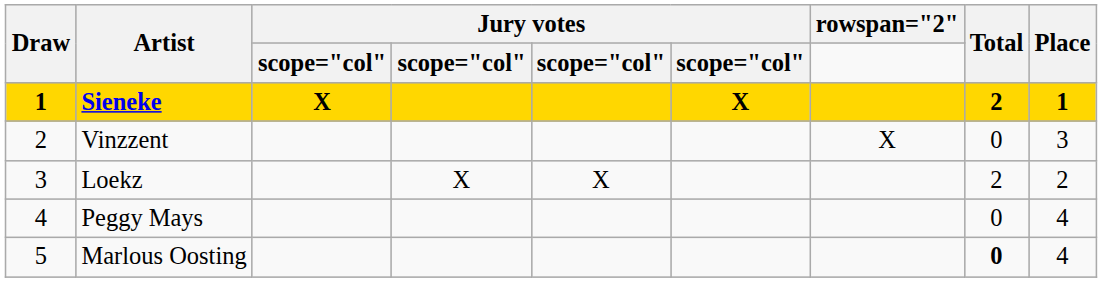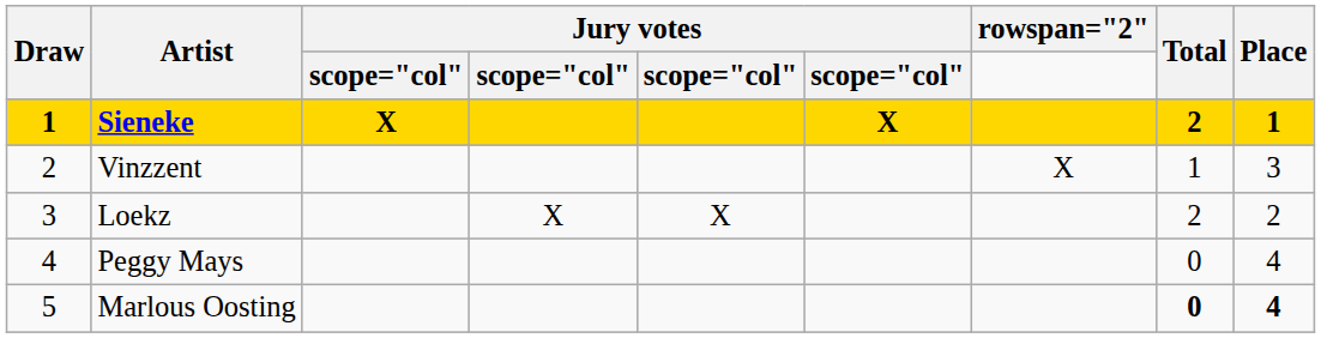 <table class="sortable wikitable" style="margin: 1em auto 1em auto; text-align:center">
 <tr>
 <th rowspan="2">Draw</th>
 <th rowspan="2">Artist</th>
 <th colspan="4">Jury votes</th>
 <th>rowspan="2" </th>
 <th rowspan="2">Total</th>
 <th rowspan="2">Place</th>
 </tr>
 <tr>
 <th>scope="col" </th>
 <th>scope="col" </th>
 <th>scope="col" </th>
 <th>scope="col" </th>
 </tr>
 <tr style="font-weight:bold; background:gold;">
 <td>1</td>
 <td align="left"><a href='#'>Sieneke</a></td>
 <td>X</td>
 <td></td>
 <td></td>
 <td>X</td>
 <td></td>
 <td>2</td>
 <td>1</td>
 </tr>
 <tr>
 <td>2</td>
 <td align="left">Vinzzent</td>
 <td></td>
 <td></td>
 <td></td>
 <td></td>
 <td>X</td>
-<td>0</td>
+<td>1</td>
 <td>3</td>
 </tr>
 <tr>
 <td>3</td>
 <td align="left">Loekz</td>
 <td></td>
 <td>X</td>
 <td>X</td>
 <td></td>
 <td></td>
 <td>2</td>
 <td>2</td>
 </tr>
 <tr>
 <td>4</td>
 <td align="left">Peggy Mays</td>
 <td></td>
 <td></td>
 <td></td>
 <td></td>
 <td></td>
 <td>0</td>
 <td>4</td>
 </tr>
 <tr>
 <td>5</td>
 <td align="left">Marlous Oosting</td>
 <td></td>
 <td></td>
 <td></td>
 <td></td>
 <td></td>
 <td><strong>0</strong></td>
-<td>4</td>
+<td><strong>4</strong></td>
 </tr>
 </table>
